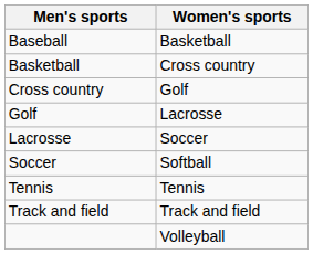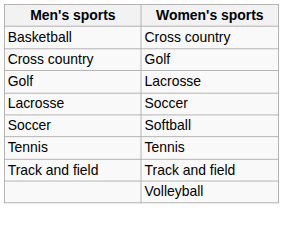 <table class="wikitable"; style= "text-align: ">
 <tr>
 <th width=150px>Men's sports</th>
 <th width=150px>Women's sports</th>
-</tr>
-<tr>
-<td>Baseball</td>
-<td>Basketball</td>
 </tr>
 <tr>
 <td>Basketball</td>
 <td>Cross country</td>
 </tr>
 <tr>
 <td>Cross country</td>
 <td>Golf</td>
 </tr>
 <tr>
 <td>Golf</td>
 <td>Lacrosse</td>
 </tr>
 <tr>
 <td>Lacrosse</td>
 <td>Soccer</td>
 </tr>
 <tr>
 <td>Soccer</td>
 <td>Softball</td>
 </tr>
 <tr>
 <td>Tennis</td>
 <td>Tennis</td>
 </tr>
 <tr>
 <td>Track and field</td>
 <td>Track and field</td>
 </tr>
 <tr>
 <td></td>
 <td>Volleyball</td>
 </tr>
 </table>
